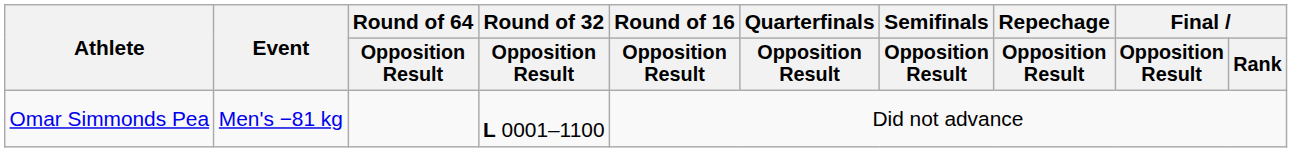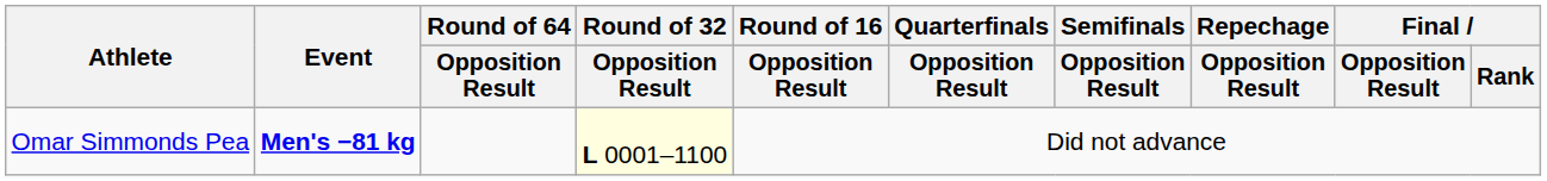 <table class="wikitable" style="font-size:90%">
 <tr>
 <th rowspan="2">Athlete</th>
 <th rowspan="2">Event</th>
 <th>Round of 64</th>
 <th>Round of 32</th>
 <th>Round of 16</th>
 <th>Quarterfinals</th>
 <th>Semifinals</th>
 <th>Repechage</th>
 <th colspan=2>Final / </th>
 </tr>
 <tr style="font-size:95%">
 <th>Opposition<br>Result</th>
 <th>Opposition<br>Result</th>
 <th>Opposition<br>Result</th>
 <th>Opposition<br>Result</th>
 <th>Opposition<br>Result</th>
 <th>Opposition<br>Result</th>
 <th>Opposition<br>Result</th>
 <th>Rank</th>
 </tr>
 <tr align=center>
 <td align=left><a href='#'>Omar Simmonds Pea</a></td>
-<td align=left><a href='#'>Men's −81 kg</a></td>
+<td align=left><strong><a href='#'>Men's −81 kg</a></strong></td>
 <td></td>
-<td><br><strong>L</strong> 0001–1100</td>
+<td style="background: lightyellow;"><br><strong>L</strong> 0001–1100</td>
 <td colspan=6>Did not advance</td>
 </tr>
 </table>
